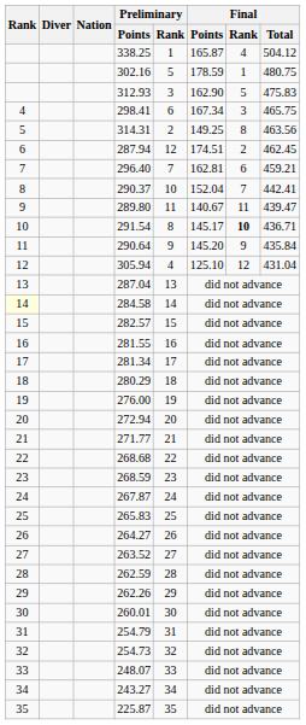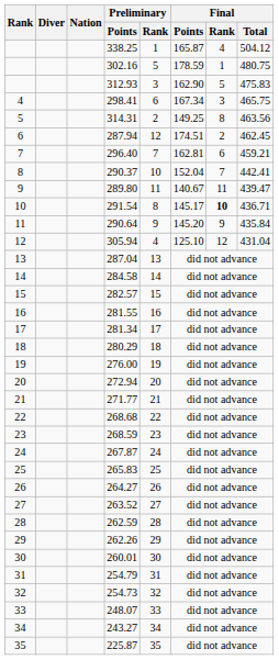 <table class="wikitable sortable" style="text-align:center;">
 <tr>
 <th rowspan=2>Rank</th>
 <th rowspan=2>Diver</th>
 <th rowspan=2>Nation</th>
 <th colspan=2>Preliminary</th>
 <th colspan=3>Final</th>
 </tr>
 <tr>
 <th>Points</th>
 <th>Rank</th>
 <th>Points</th>
 <th>Rank</th>
 <th>Total</th>
 </tr>
 <tr>
 <td></td>
 <td align=left></td>
 <td align=left></td>
 <td>338.25</td>
 <td>1</td>
 <td>165.87</td>
 <td>4</td>
 <td>504.12</td>
 </tr>
 <tr>
 <td></td>
 <td align=left></td>
 <td align=left></td>
 <td>302.16</td>
 <td>5</td>
 <td>178.59</td>
 <td>1</td>
 <td>480.75</td>
 </tr>
 <tr>
 <td></td>
 <td align=left></td>
 <td align=left></td>
 <td>312.93</td>
 <td>3</td>
 <td>162.90</td>
 <td>5</td>
 <td>475.83</td>
 </tr>
 <tr>
 <td>4</td>
 <td align=left></td>
 <td align=left></td>
 <td>298.41</td>
 <td>6</td>
 <td>167.34</td>
 <td>3</td>
 <td>465.75</td>
 </tr>
 <tr>
 <td>5</td>
 <td align=left></td>
 <td align=left></td>
 <td>314.31</td>
 <td>2</td>
 <td>149.25</td>
 <td>8</td>
 <td>463.56</td>
 </tr>
 <tr>
 <td>6</td>
 <td align=left></td>
 <td align=left></td>
 <td>287.94</td>
 <td>12</td>
 <td>174.51</td>
 <td>2</td>
 <td>462.45</td>
 </tr>
 <tr>
 <td>7</td>
 <td align=left></td>
 <td align=left></td>
 <td>296.40</td>
 <td>7</td>
 <td>162.81</td>
 <td>6</td>
 <td>459.21</td>
 </tr>
 <tr>
 <td>8</td>
 <td align=left></td>
 <td align=left></td>
 <td>290.37</td>
 <td>10</td>
 <td>152.04</td>
 <td>7</td>
 <td>442.41</td>
 </tr>
 <tr>
 <td>9</td>
 <td align=left></td>
 <td align=left></td>
 <td>289.80</td>
 <td>11</td>
 <td>140.67</td>
 <td>11</td>
 <td>439.47</td>
 </tr>
 <tr>
 <td>10</td>
 <td align=left></td>
 <td align=left></td>
 <td>291.54</td>
 <td>8</td>
 <td>145.17</td>
 <td><strong>10</strong></td>
 <td>436.71</td>
 </tr>
 <tr>
 <td>11</td>
 <td align=left></td>
 <td align=left></td>
 <td>290.64</td>
 <td>9</td>
 <td>145.20</td>
 <td>9</td>
 <td>435.84</td>
 </tr>
 <tr>
 <td>12</td>
 <td align=left></td>
 <td align=left></td>
 <td>305.94</td>
 <td>4</td>
 <td>125.10</td>
 <td>12</td>
 <td>431.04</td>
 </tr>
 <tr>
 <td>13</td>
 <td align=left></td>
 <td align=left></td>
 <td>287.04</td>
 <td>13</td>
 <td colspan=3>did not advance</td>
 </tr>
 <tr>
-<td style="background: lightyellow;">14</td>
+<td>14</td>
 <td align=left></td>
 <td align=left></td>
 <td>284.58</td>
 <td>14</td>
 <td colspan=3>did not advance</td>
 </tr>
 <tr>
 <td>15</td>
 <td align=left></td>
 <td align=left></td>
 <td>282.57</td>
 <td>15</td>
 <td colspan=3>did not advance</td>
 </tr>
 <tr>
 <td>16</td>
 <td align=left></td>
 <td align=left></td>
 <td>281.55</td>
 <td>16</td>
 <td colspan=3>did not advance</td>
 </tr>
 <tr>
 <td>17</td>
 <td align=left></td>
 <td align=left></td>
 <td>281.34</td>
 <td>17</td>
 <td colspan=3>did not advance</td>
 </tr>
 <tr>
 <td>18</td>
 <td align=left></td>
 <td align=left></td>
 <td>280.29</td>
 <td>18</td>
 <td colspan=3>did not advance</td>
 </tr>
 <tr>
 <td>19</td>
 <td align=left></td>
 <td align=left></td>
 <td>276.00</td>
 <td>19</td>
 <td colspan=3>did not advance</td>
 </tr>
 <tr>
 <td>20</td>
 <td align=left></td>
 <td align=left></td>
 <td>272.94</td>
 <td>20</td>
 <td colspan=3>did not advance</td>
 </tr>
 <tr>
 <td>21</td>
 <td align=left></td>
 <td align=left></td>
 <td>271.77</td>
 <td>21</td>
 <td colspan=3>did not advance</td>
 </tr>
 <tr>
 <td>22</td>
 <td align=left></td>
 <td align=left></td>
 <td>268.68</td>
 <td>22</td>
 <td colspan=3>did not advance</td>
 </tr>
 <tr>
 <td>23</td>
 <td align=left></td>
 <td align=left></td>
 <td>268.59</td>
 <td>23</td>
 <td colspan=3>did not advance</td>
 </tr>
 <tr>
 <td>24</td>
 <td align=left></td>
 <td align=left></td>
 <td>267.87</td>
 <td>24</td>
 <td colspan=3>did not advance</td>
 </tr>
 <tr>
 <td>25</td>
 <td align=left></td>
 <td align=left></td>
 <td>265.83</td>
 <td>25</td>
 <td colspan=3>did not advance</td>
 </tr>
 <tr>
 <td>26</td>
 <td align=left></td>
 <td align=left></td>
 <td>264.27</td>
 <td>26</td>
 <td colspan=3>did not advance</td>
 </tr>
 <tr>
 <td>27</td>
 <td align=left></td>
 <td align=left></td>
 <td>263.52</td>
 <td>27</td>
 <td colspan=3>did not advance</td>
 </tr>
 <tr>
 <td>28</td>
 <td align=left></td>
 <td align=left></td>
 <td>262.59</td>
 <td>28</td>
 <td colspan=3>did not advance</td>
 </tr>
 <tr>
 <td>29</td>
 <td align=left></td>
 <td align=left></td>
 <td>262.26</td>
 <td>29</td>
 <td colspan=3>did not advance</td>
 </tr>
 <tr>
 <td>30</td>
 <td align=left></td>
 <td align=left></td>
 <td>260.01</td>
 <td>30</td>
 <td colspan=3>did not advance</td>
 </tr>
 <tr>
 <td>31</td>
 <td align=left></td>
 <td align=left></td>
 <td>254.79</td>
 <td>31</td>
 <td colspan=3>did not advance</td>
 </tr>
 <tr>
 <td>32</td>
 <td align=left></td>
 <td align=left></td>
 <td>254.73</td>
 <td>32</td>
 <td colspan=3>did not advance</td>
 </tr>
 <tr>
 <td>33</td>
 <td align=left></td>
 <td align=left></td>
 <td>248.07</td>
 <td>33</td>
 <td colspan=3>did not advance</td>
 </tr>
 <tr>
 <td>34</td>
 <td align=left></td>
 <td align=left></td>
 <td>243.27</td>
 <td>34</td>
 <td colspan=3>did not advance</td>
 </tr>
 <tr>
 <td>35</td>
 <td align=left></td>
 <td align=left></td>
 <td>225.87</td>
 <td>35</td>
 <td colspan=3>did not advance</td>
 </tr>
 </table>
